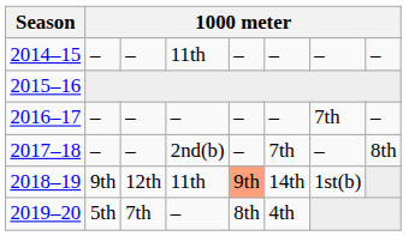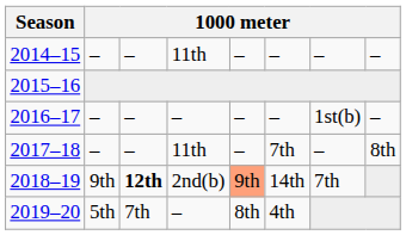 <table class="wikitable" style="display: inline-table;">
 <tr>
 <th>Season</th>
 <th colspan="7">1000 meter</th>
 </tr>
 <tr>
 <td><a href='#'>2014–15</a></td>
 <td>–</td>
 <td>–</td>
 <td>11th</td>
 <td>–</td>
 <td>–</td>
 <td>–</td>
 <td>–</td>
 </tr>
 <tr>
 <td><a href='#'>2015–16</a></td>
 <td colspan="7" bgcolor=#EEEEEE></td>
 </tr>
 <tr>
 <td><a href='#'>2016–17</a></td>
 <td>–</td>
 <td>–</td>
 <td>–</td>
 <td>–</td>
 <td>–</td>
-<td>7th</td>
+<td>1st(b)</td>
 <td>–</td>
 </tr>
 <tr>
 <td><a href='#'>2017–18</a></td>
 <td>–</td>
 <td>–</td>
-<td>2nd(b)</td>
+<td>11th</td>
 <td>–</td>
 <td>7th</td>
 <td>–</td>
 <td>8th</td>
 </tr>
 <tr>
 <td><a href='#'>2018–19</a></td>
 <td>9th</td>
-<td>12th</td>
-<td>11th</td>
+<td><strong>12th</strong></td>
+<td>2nd(b)</td>
 <td style="background: lightsalmon;">9th</td>
 <td>14th</td>
-<td>1st(b)</td>
+<td>7th</td>
 <td colspan="1" bgcolor=#EEEEEE></td>
 </tr>
 <tr>
 <td><a href='#'>2019–20</a></td>
 <td>5th</td>
 <td>7th</td>
 <td>–</td>
 <td>8th</td>
 <td>4th</td>
 <td colspan="3" bgcolor=#EEEEEE></td>
 </tr>
 </table>
